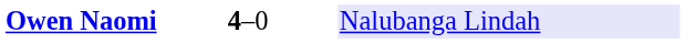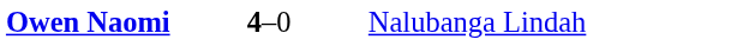 <table>
 <tr>
 <th width=200></th>
 <th width=100></th>
 <th width=200></th>
 </tr>
 <tr>
 <td align=right><strong><a href='#'>Owen Naomi</a> </strong></td>
 <td align=center><strong>4</strong>–0</td>
-<td style="background: lavender;"> <a href='#'>Nalubanga Lindah</a></td>
+<td> <a href='#'>Nalubanga Lindah</a></td>
 </tr>
 </table>
